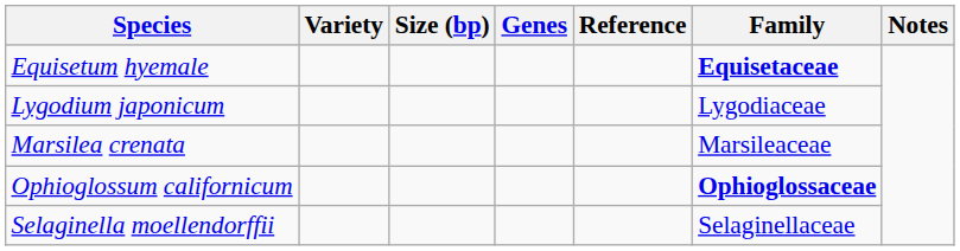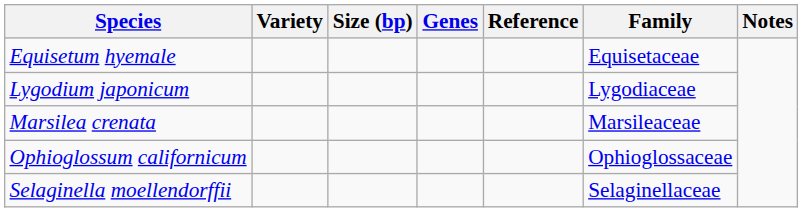 <table class="wikitable sortable">
 <tr>
 <th><a href='#'>Species</a></th>
 <th>Variety</th>
 <th>Size (<a href='#'>bp</a>)</th>
 <th><a href='#'>Genes</a></th>
 <th>Reference</th>
 <th>Family</th>
 <th>Notes</th>
 </tr>
 <tr>
 <td><em><a href='#'>Equisetum</a> <a href='#'>hyemale</a></em></td>
 <td></td>
 <td></td>
 <td></td>
 <td></td>
-<td><strong><a href='#'>Equisetaceae</a></strong></td>
+<td><a href='#'>Equisetaceae</a></td>
 </tr>
 <tr>
 <td><em><a href='#'>Lygodium</a> <a href='#'>japonicum</a></em></td>
 <td></td>
 <td></td>
 <td></td>
 <td></td>
 <td><a href='#'>Lygodiaceae</a></td>
 </tr>
 <tr>
 <td><em><a href='#'>Marsilea</a> <a href='#'>crenata</a></em></td>
 <td></td>
 <td></td>
 <td></td>
 <td></td>
 <td><a href='#'>Marsileaceae</a></td>
 </tr>
 <tr>
 <td><em><a href='#'>Ophioglossum</a> <a href='#'>californicum</a></em></td>
 <td></td>
 <td></td>
 <td></td>
 <td></td>
-<td><strong><a href='#'>Ophioglossaceae</a></strong></td>
+<td><a href='#'>Ophioglossaceae</a></td>
 </tr>
 <tr>
 <td><em><a href='#'>Selaginella</a> <a href='#'>moellendorffii</a></em></td>
 <td></td>
 <td></td>
 <td></td>
 <td></td>
 <td><a href='#'>Selaginellaceae</a></td>
 </tr>
 </table>
